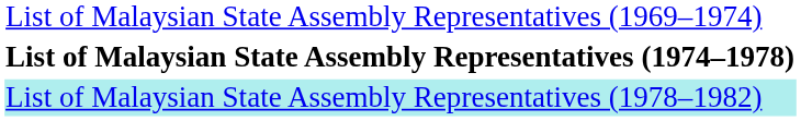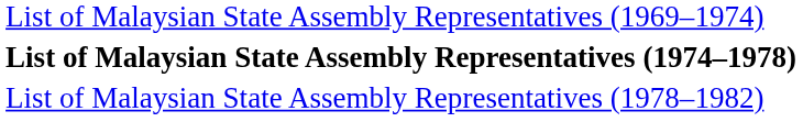 <table id=toc style="float:right">
 <tr>
 <td><a href='#'>List of Malaysian State Assembly Representatives (1969–1974)</a></td>
 </tr>
 <tr>
 <td><strong>List of Malaysian State Assembly Representatives (1974–1978)</strong></td>
 </tr>
 <tr>
-<td style="background: paleturquoise;"><a href='#'>List of Malaysian State Assembly Representatives (1978–1982)</a></td>
+<td><a href='#'>List of Malaysian State Assembly Representatives (1978–1982)</a></td>
 </tr>
 </table>
